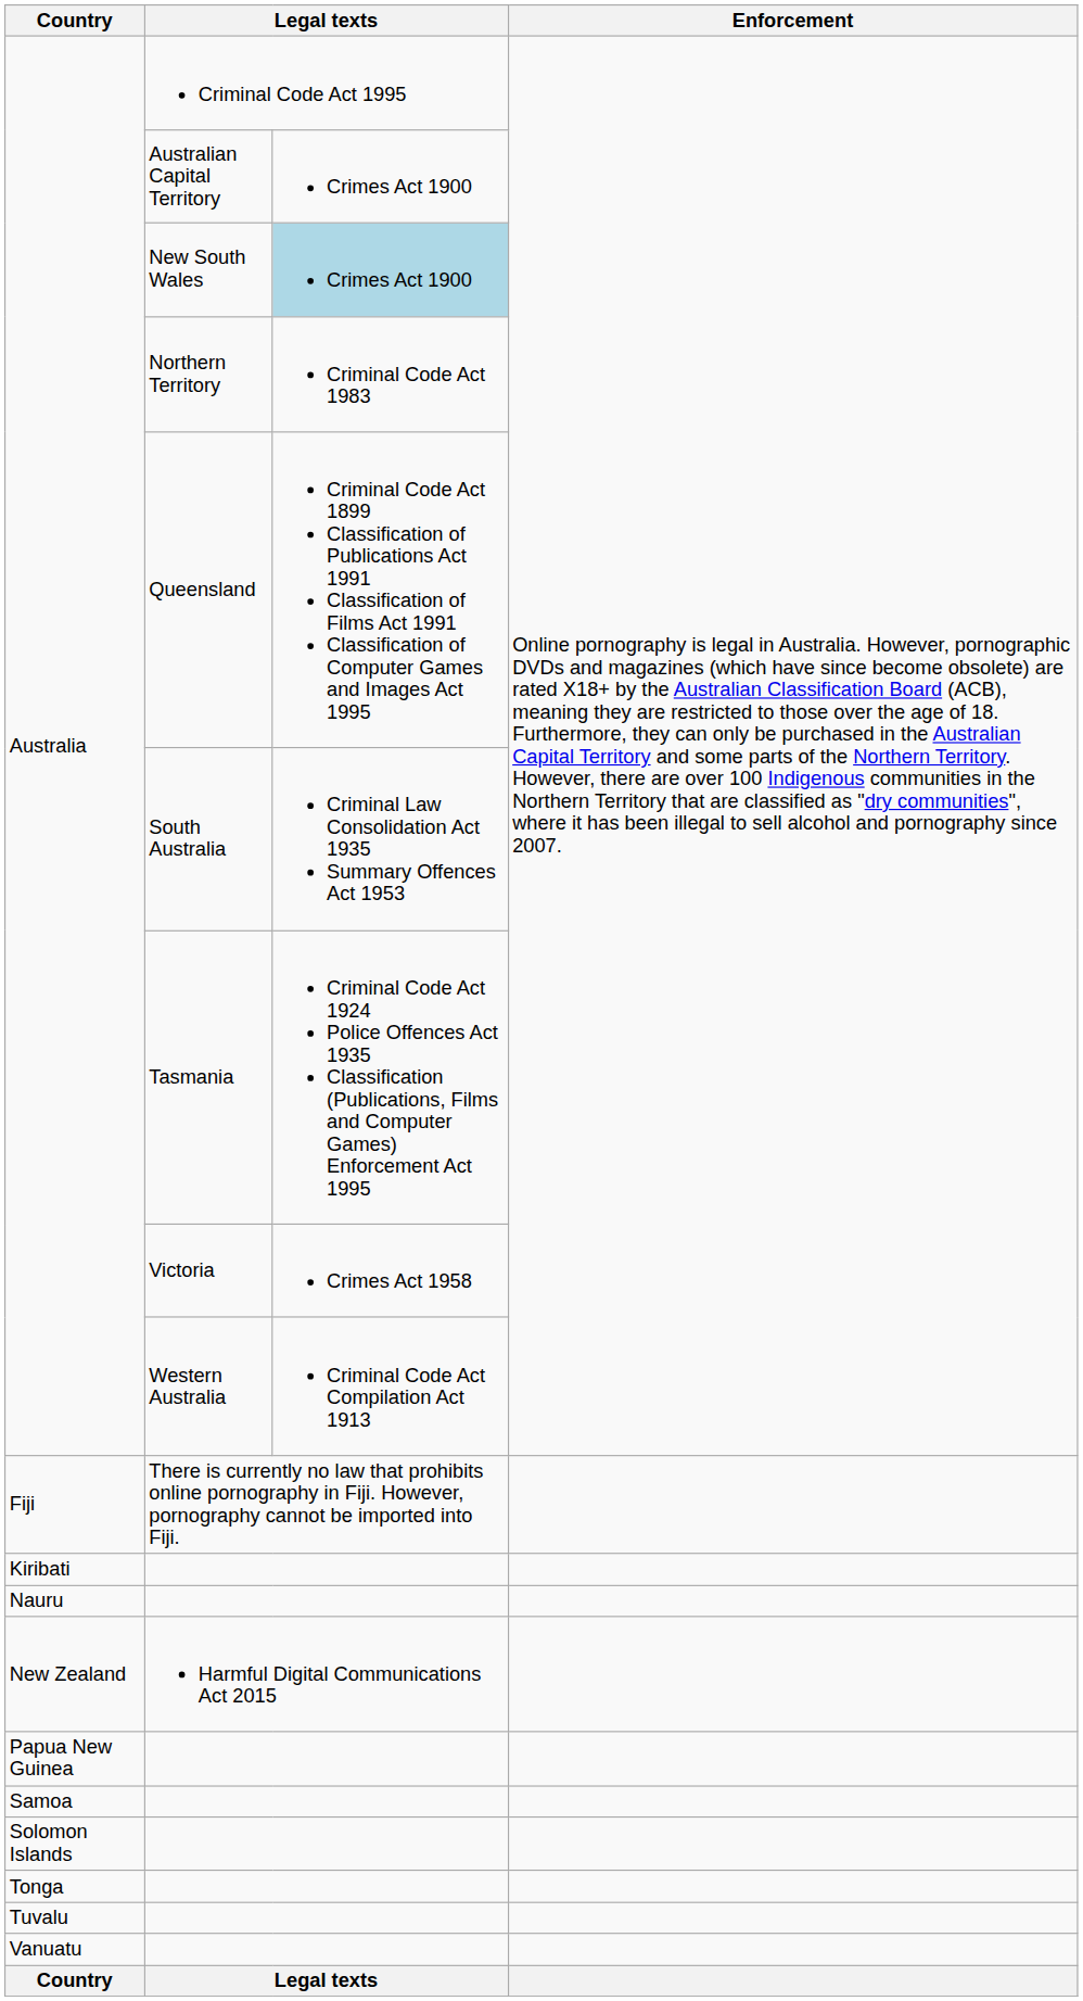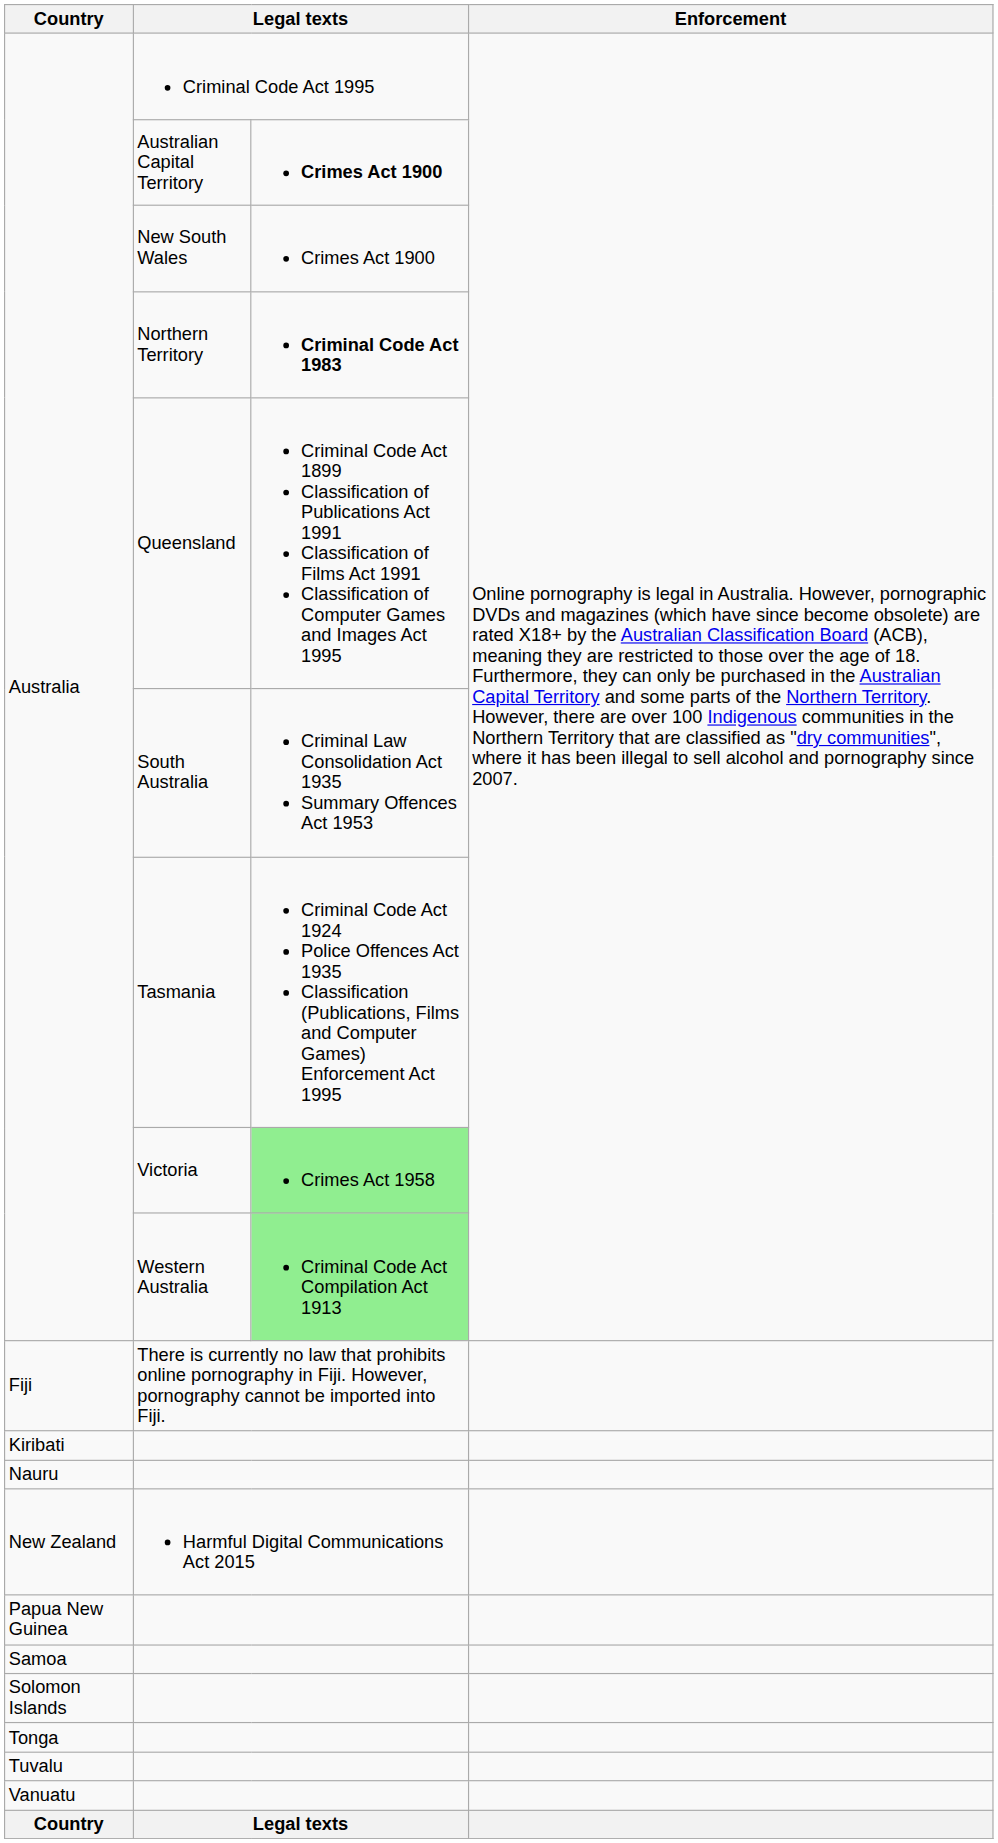 <table class="wikitable">
 <tr>
 <th style="width: 13%">Country</th>
 <th colspan="2">Legal texts</th>
 <th>Enforcement</th>
 </tr>
 <tr>
 <td rowspan="9"> Australia</td>
 <td colspan="2"><br><ul><li>Criminal Code Act 1995</li></ul></td>
 <td rowspan="9">Online pornography is legal in Australia. However, pornographic DVDs and magazines (which have since become obsolete) are rated X18+ by the <a href='#'>Australian Classification Board</a> (ACB), meaning they are restricted to those over the age of 18. Furthermore, they can only be purchased in the <a href='#'>Australian Capital Territory</a> and some parts of the <a href='#'>Northern Territory</a>. However, there are over 100 <a href='#'>Indigenous</a> communities in the Northern Territory that are classified as "<a href='#'>dry communities</a>", where it has been illegal to sell alcohol and pornography since 2007.</td>
 </tr>
 <tr>
 <td>Australian Capital Territory</td>
+<td><strong><br><ul><li>Crimes Act 1900</li></ul></strong></td>
+</tr>
+<tr>
+<td>New South Wales</td>
 <td><br><ul><li>Crimes Act 1900</li></ul></td>
 </tr>
 <tr>
-<td>New South Wales</td>
-<td style="background: lightblue;"><br><ul><li>Crimes Act 1900</li></ul></td>
-</tr>
-<tr>
 <td>Northern Territory</td>
-<td><br><ul><li>Criminal Code Act 1983</li></ul></td>
+<td><strong><br><ul><li>Criminal Code Act 1983</li></ul></strong></td>
 </tr>
 <tr>
 <td>Queensland</td>
 <td><br><ul><li>Criminal Code Act 1899</li><li>Classification of Publications Act 1991</li><li>Classification of Films Act 1991</li><li>Classification of Computer Games and Images Act 1995</li></ul></td>
 </tr>
 <tr>
 <td>South Australia</td>
 <td><br><ul><li>Criminal Law Consolidation Act 1935</li><li>Summary Offences Act 1953</li></ul></td>
 </tr>
 <tr>
 <td>Tasmania</td>
 <td><br><ul><li>Criminal Code Act 1924</li><li>Police Offences Act 1935</li><li>Classification (Publications, Films and Computer Games) Enforcement Act 1995</li></ul></td>
 </tr>
 <tr>
 <td>Victoria</td>
-<td><br><ul><li>Crimes Act 1958</li></ul></td>
+<td style="background: lightgreen;"><br><ul><li>Crimes Act 1958</li></ul></td>
 </tr>
 <tr>
 <td>Western Australia</td>
-<td><br><ul><li>Criminal Code Act Compilation Act 1913</li></ul></td>
+<td style="background: lightgreen;"><br><ul><li>Criminal Code Act Compilation Act 1913</li></ul></td>
 </tr>
 <tr>
 <td> Fiji</td>
 <td colspan="2">There is currently no law that prohibits online pornography in Fiji. However, pornography cannot be imported into Fiji.</td>
 <td></td>
 </tr>
 <tr>
 <td> Kiribati</td>
 <td colspan="2"></td>
 <td></td>
 </tr>
 <tr>
 <td> Nauru</td>
 <td colspan="2"></td>
 <td></td>
 </tr>
 <tr>
 <td> New Zealand</td>
 <td colspan="2"><br><ul><li>Harmful Digital Communications Act 2015</li></ul></td>
 <td></td>
 </tr>
 <tr>
 <td> Papua New Guinea</td>
 <td colspan="2"></td>
 <td></td>
 </tr>
 <tr>
 <td> Samoa</td>
 <td colspan="2"></td>
 <td></td>
 </tr>
 <tr>
 <td> Solomon Islands</td>
 <td colspan="2"></td>
 <td></td>
 </tr>
 <tr>
 <td> Tonga</td>
 <td colspan="2"></td>
 <td></td>
 </tr>
 <tr>
 <td> Tuvalu</td>
 <td colspan="2"></td>
 <td></td>
 </tr>
 <tr>
 <td> Vanuatu</td>
 <td colspan="2"></td>
 <td></td>
 </tr>
 <tr>
 <th style="width: 13%">Country</th>
 <th colspan="2">Legal texts</th>
 <th></th>
 </tr>
 <tr>
 </tr>
 </table>
